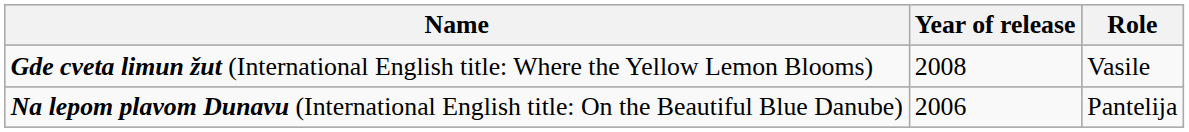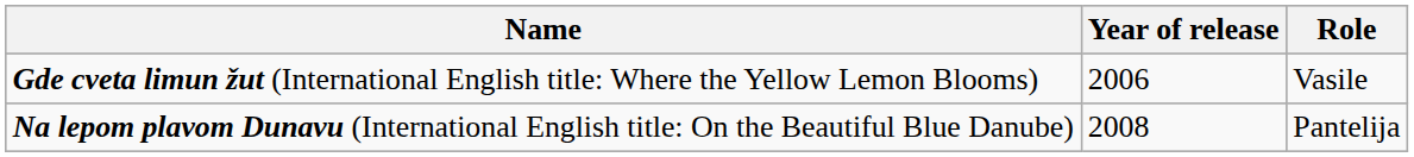 <table class="wikitable">
 <tr>
 <th>Name</th>
 <th>Year of release</th>
 <th>Role</th>
 </tr>
 <tr>
 <td><strong><em>Gde cveta limun žut</em></strong> (International English title: Where the Yellow Lemon Blooms)</td>
-<td>2008</td>
+<td>2006</td>
 <td>Vasile</td>
 </tr>
 <tr>
 <td><strong><em>Na lepom plavom Dunavu</em></strong> (International English title: On the Beautiful Blue Danube)</td>
-<td>2006</td>
+<td>2008</td>
 <td>Pantelija</td>
 </tr>
 </table>
